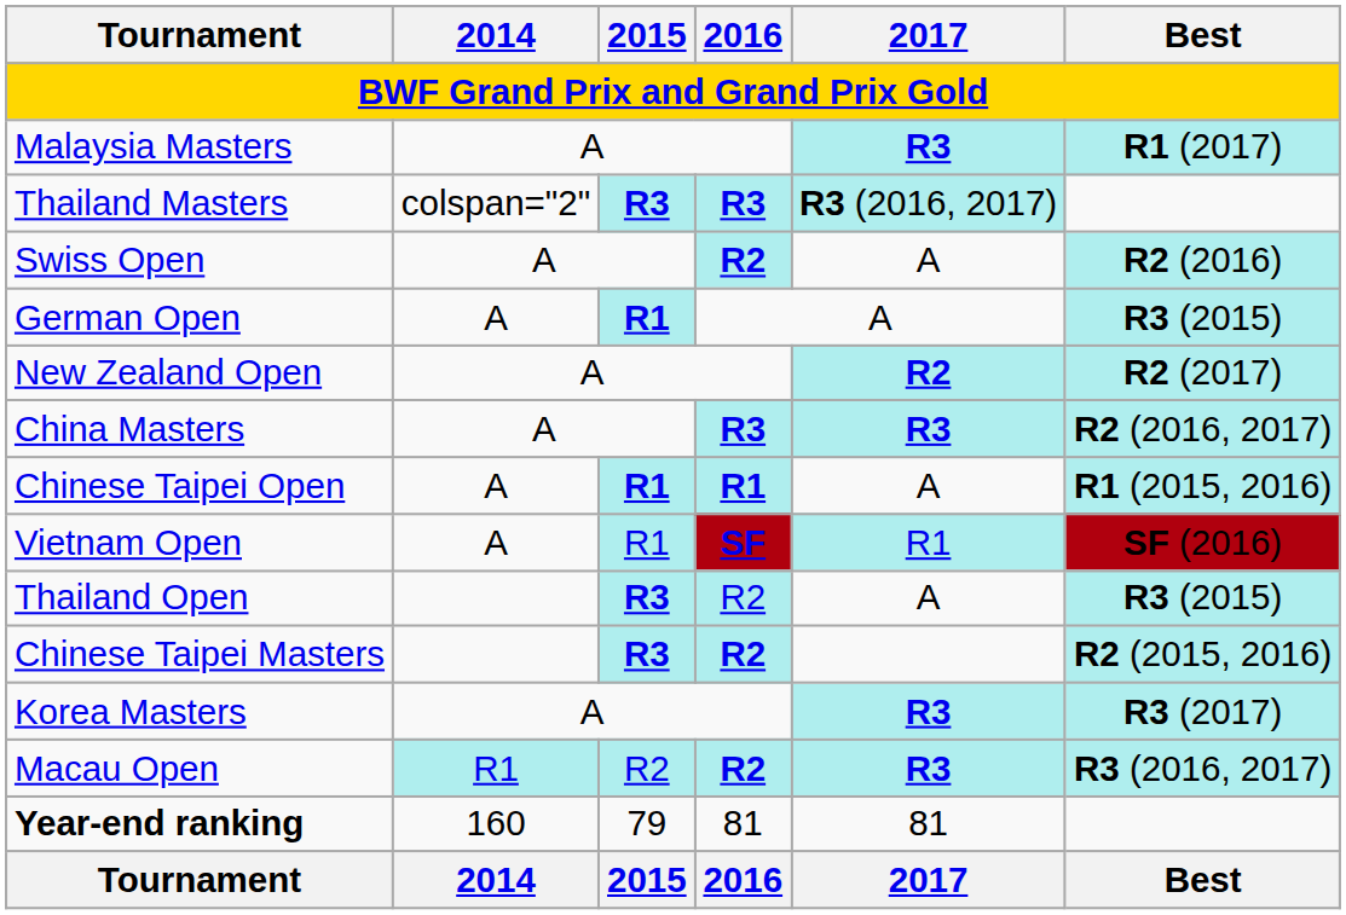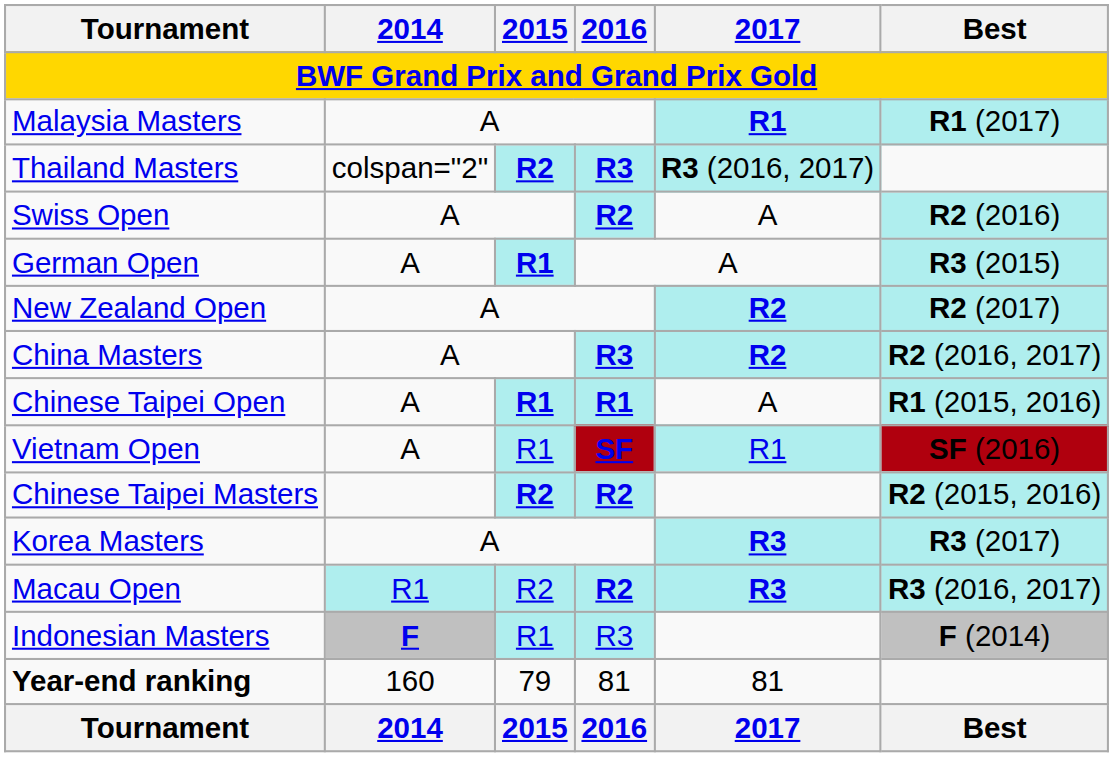 <table class="wikitable" style="font-size: 90%; text-align:center">
 <tr>
 <th>Tournament</th>
 <th><a href='#'>2014</a></th>
 <th><a href='#'>2015</a></th>
 <th><a href='#'>2016</a></th>
 <th><a href='#'>2017</a></th>
 <th>Best</th>
 </tr>
 <tr bgcolor=FFD700>
 <td colspan="6" align=center><strong><a href='#'>BWF Grand Prix and Grand Prix Gold</a></strong></td>
 </tr>
 <tr>
 <td align=left><a href='#'>Malaysia Masters</a></td>
 <td colspan="3">A</td>
-<td bgcolor=AFEEEE><a href='#'><strong>R3</strong></a></td>
+<td bgcolor=AFEEEE><a href='#'><strong>R1</strong></a></td>
 <td bgcolor=AFEEEE><strong>R1</strong> (2017)</td>
 </tr>
 <tr>
 <td align=left><a href='#'>Thailand Masters</a></td>
 <td>colspan="2" </td>
-<td bgcolor=AFEEEE><a href='#'><strong>R3</strong></a></td>
+<td bgcolor=AFEEEE><a href='#'><strong>R2</strong></a></td>
 <td bgcolor=AFEEEE><a href='#'><strong>R3</strong></a></td>
 <td bgcolor=AFEEEE><strong>R3</strong> (2016, 2017)</td>
 </tr>
 <tr>
 <td align=left><a href='#'>Swiss Open</a></td>
 <td colspan="2">A</td>
 <td bgcolor=AFEEEE><a href='#'><strong>R2</strong></a></td>
 <td>A</td>
 <td bgcolor=AFEEEE><strong>R2</strong> (2016)</td>
 </tr>
 <tr>
 <td align=left><a href='#'>German Open</a></td>
 <td>A</td>
 <td bgcolor=AFEEEE><a href='#'><strong>R1</strong></a></td>
 <td colspan="2">A</td>
 <td bgcolor=AFEEEE><strong>R3</strong> (2015)</td>
 </tr>
 <tr>
 <td align=left><a href='#'>New Zealand Open</a></td>
 <td colspan="3">A</td>
 <td bgcolor=AFEEEE><a href='#'><strong>R2</strong></a></td>
 <td bgcolor=AFEEEE><strong>R2</strong> (2017)</td>
 </tr>
 <tr>
 <td align=left><a href='#'>China Masters</a></td>
 <td colspan="2">A</td>
 <td bgcolor=AFEEEE><a href='#'><strong>R3</strong></a></td>
-<td bgcolor=AFEEEE><a href='#'><strong>R3</strong></a></td>
+<td bgcolor=AFEEEE><a href='#'><strong>R2</strong></a></td>
 <td bgcolor=AFEEEE><strong>R2</strong> (2016, 2017)</td>
 </tr>
 <tr>
 <td align=left><a href='#'>Chinese Taipei Open</a></td>
 <td>A</td>
 <td bgcolor=AFEEEE><a href='#'><strong>R1</strong></a></td>
 <td bgcolor=AFEEEE><a href='#'><strong>R1</strong></a></td>
 <td>A</td>
 <td bgcolor=AFEEEE><strong>R1</strong> (2015, 2016)</td>
 </tr>
 <tr>
 <td align=left><a href='#'>Vietnam Open</a></td>
 <td>A</td>
 <td bgcolor=AFEEEE><a href='#'>R1</a></td>
 <td bgcolor=Bronze><a href='#'><strong>SF</strong></a></td>
 <td bgcolor=AFEEEE><a href='#'>R1</a></td>
 <td bgcolor=Bronze><strong>SF</strong> (2016)</td>
 </tr>
 <tr>
-<td align=left><a href='#'>Thailand Open</a></td>
-<td></td>
-<td bgcolor=AFEEEE><a href='#'><strong>R3</strong></a></td>
-<td bgcolor=AFEEEE><a href='#'>R2</a></td>
-<td>A</td>
-<td bgcolor=AFEEEE><strong>R3</strong> (2015)</td>
-</tr>
-<tr>
 <td align=left><a href='#'>Chinese Taipei Masters</a></td>
 <td></td>
-<td bgcolor=AFEEEE><a href='#'><strong>R3</strong></a></td>
+<td bgcolor=AFEEEE><a href='#'><strong>R2</strong></a></td>
 <td bgcolor=AFEEEE><a href='#'><strong>R2</strong></a></td>
 <td></td>
 <td bgcolor=AFEEEE><strong>R2</strong> (2015, 2016)</td>
 </tr>
 <tr>
 <td align=left><a href='#'>Korea Masters</a></td>
 <td colspan="3">A</td>
 <td bgcolor=AFEEEE><a href='#'><strong>R3</strong></a></td>
 <td bgcolor=AFEEEE><strong>R3</strong> (2017)</td>
 </tr>
 <tr>
 <td align=left><a href='#'>Macau Open</a></td>
 <td bgcolor=AFEEEE><a href='#'>R1</a></td>
 <td bgcolor=AFEEEE><a href='#'>R2</a></td>
 <td bgcolor=AFEEEE><a href='#'><strong>R2</strong></a></td>
 <td bgcolor=AFEEEE><a href='#'><strong>R3</strong></a></td>
 <td bgcolor=AFEEEE><strong>R3</strong> (2016, 2017)</td>
 </tr>
 <tr>
+<td align=left><a href='#'>Indonesian Masters</a></td>
+<td bgcolor=silver><a href='#'><strong>F</strong></a></td>
+<td bgcolor=AFEEEE><a href='#'>R1</a></td>
+<td bgcolor=AFEEEE><a href='#'>R3</a></td>
+<td></td>
+<td bgcolor=silver><strong>F</strong> (2014)</td>
+</tr>
+<tr>
 <td align=left><strong>Year-end ranking</strong></td>
 <td>160</td>
 <td>79</td>
 <td>81</td>
 <td>81</td>
 <td></td>
 </tr>
 <tr>
 <th>Tournament</th>
 <th><a href='#'>2014</a></th>
 <th><a href='#'>2015</a></th>
 <th><a href='#'>2016</a></th>
 <th><a href='#'>2017</a></th>
 <th>Best</th>
 </tr>
 </table>
